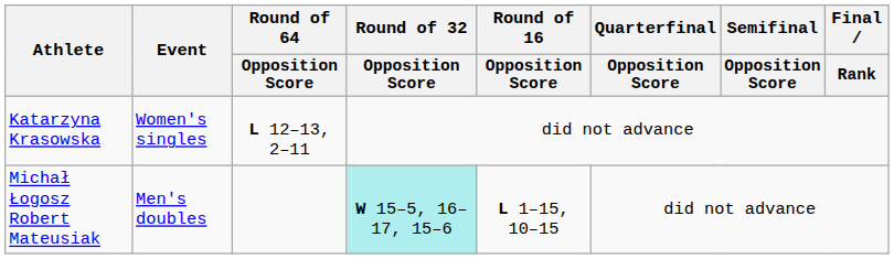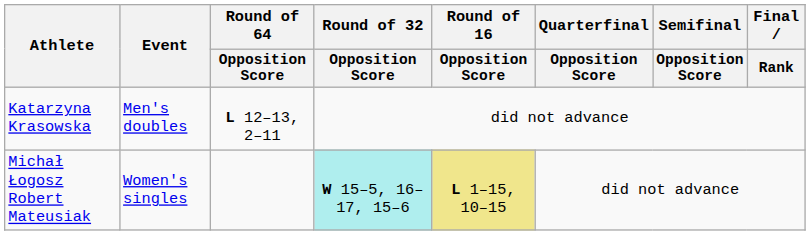 <table class=wikitable style="font-size:90%">
 <tr>
 <th rowspan="2">Athlete</th>
 <th rowspan="2">Event</th>
 <th>Round of 64</th>
 <th>Round of 32</th>
 <th>Round of 16</th>
 <th>Quarterfinal</th>
 <th>Semifinal</th>
 <th colspan=2>Final / </th>
 </tr>
 <tr style="font-size:95%">
 <th>Opposition<br>Score</th>
 <th>Opposition<br>Score</th>
 <th>Opposition<br>Score</th>
 <th>Opposition<br>Score</th>
 <th>Opposition<br>Score</th>
 <th>Rank</th>
 </tr>
 <tr align=center>
 <td align=left><a href='#'>Katarzyna Krasowska</a></td>
-<td align=left><a href='#'>Women's singles</a></td>
+<td align=left><a href='#'>Men's doubles</a></td>
 <td><br><strong>L</strong> 12–13, 2–11</td>
 <td colspan=5>did not advance</td>
 </tr>
 <tr align=center>
 <td align=left><a href='#'>Michał Łogosz</a><br><a href='#'>Robert Mateusiak</a></td>
-<td align=left><a href='#'>Men's doubles</a></td>
+<td align=left><a href='#'>Women's singles</a></td>
 <td></td>
 <td style="background: paleturquoise;"><br><strong>W</strong> 15–5, 16–17, 15–6</td>
-<td><br><strong>L</strong> 1–15, 10–15</td>
+<td style="background: khaki;"><br><strong>L</strong> 1–15, 10–15</td>
 <td colspan=4>did not advance</td>
 </tr>
 </table>
